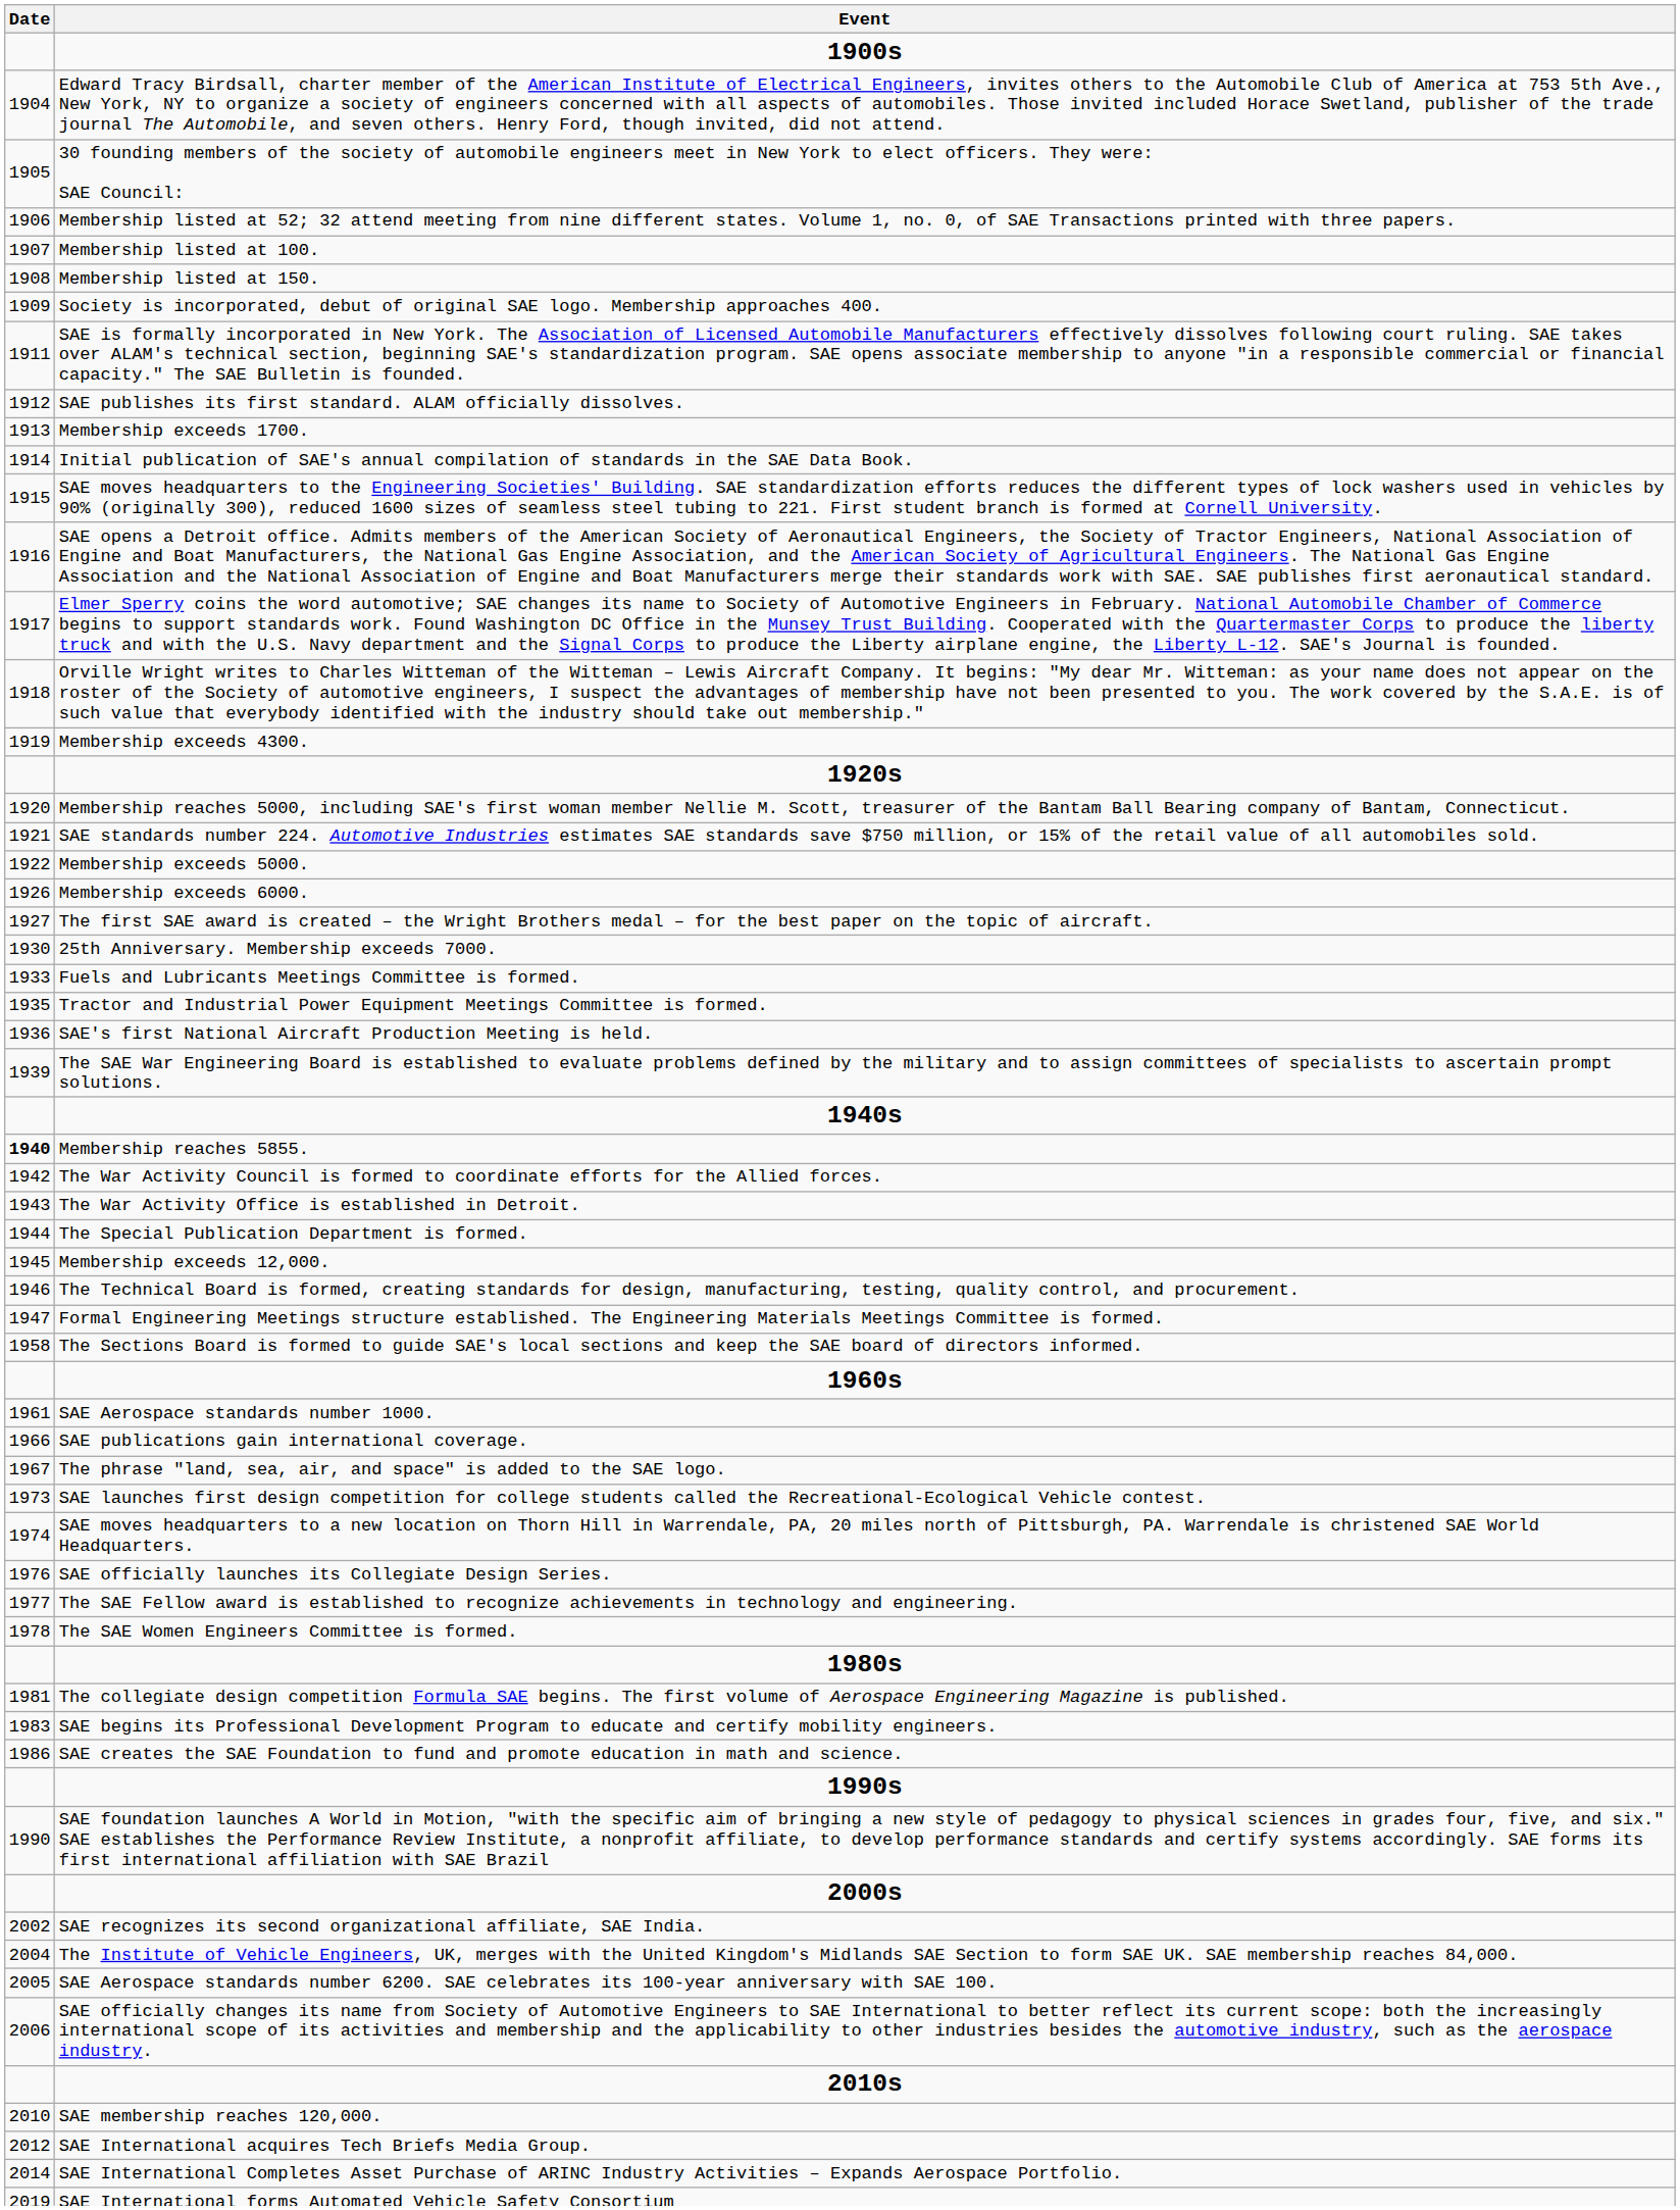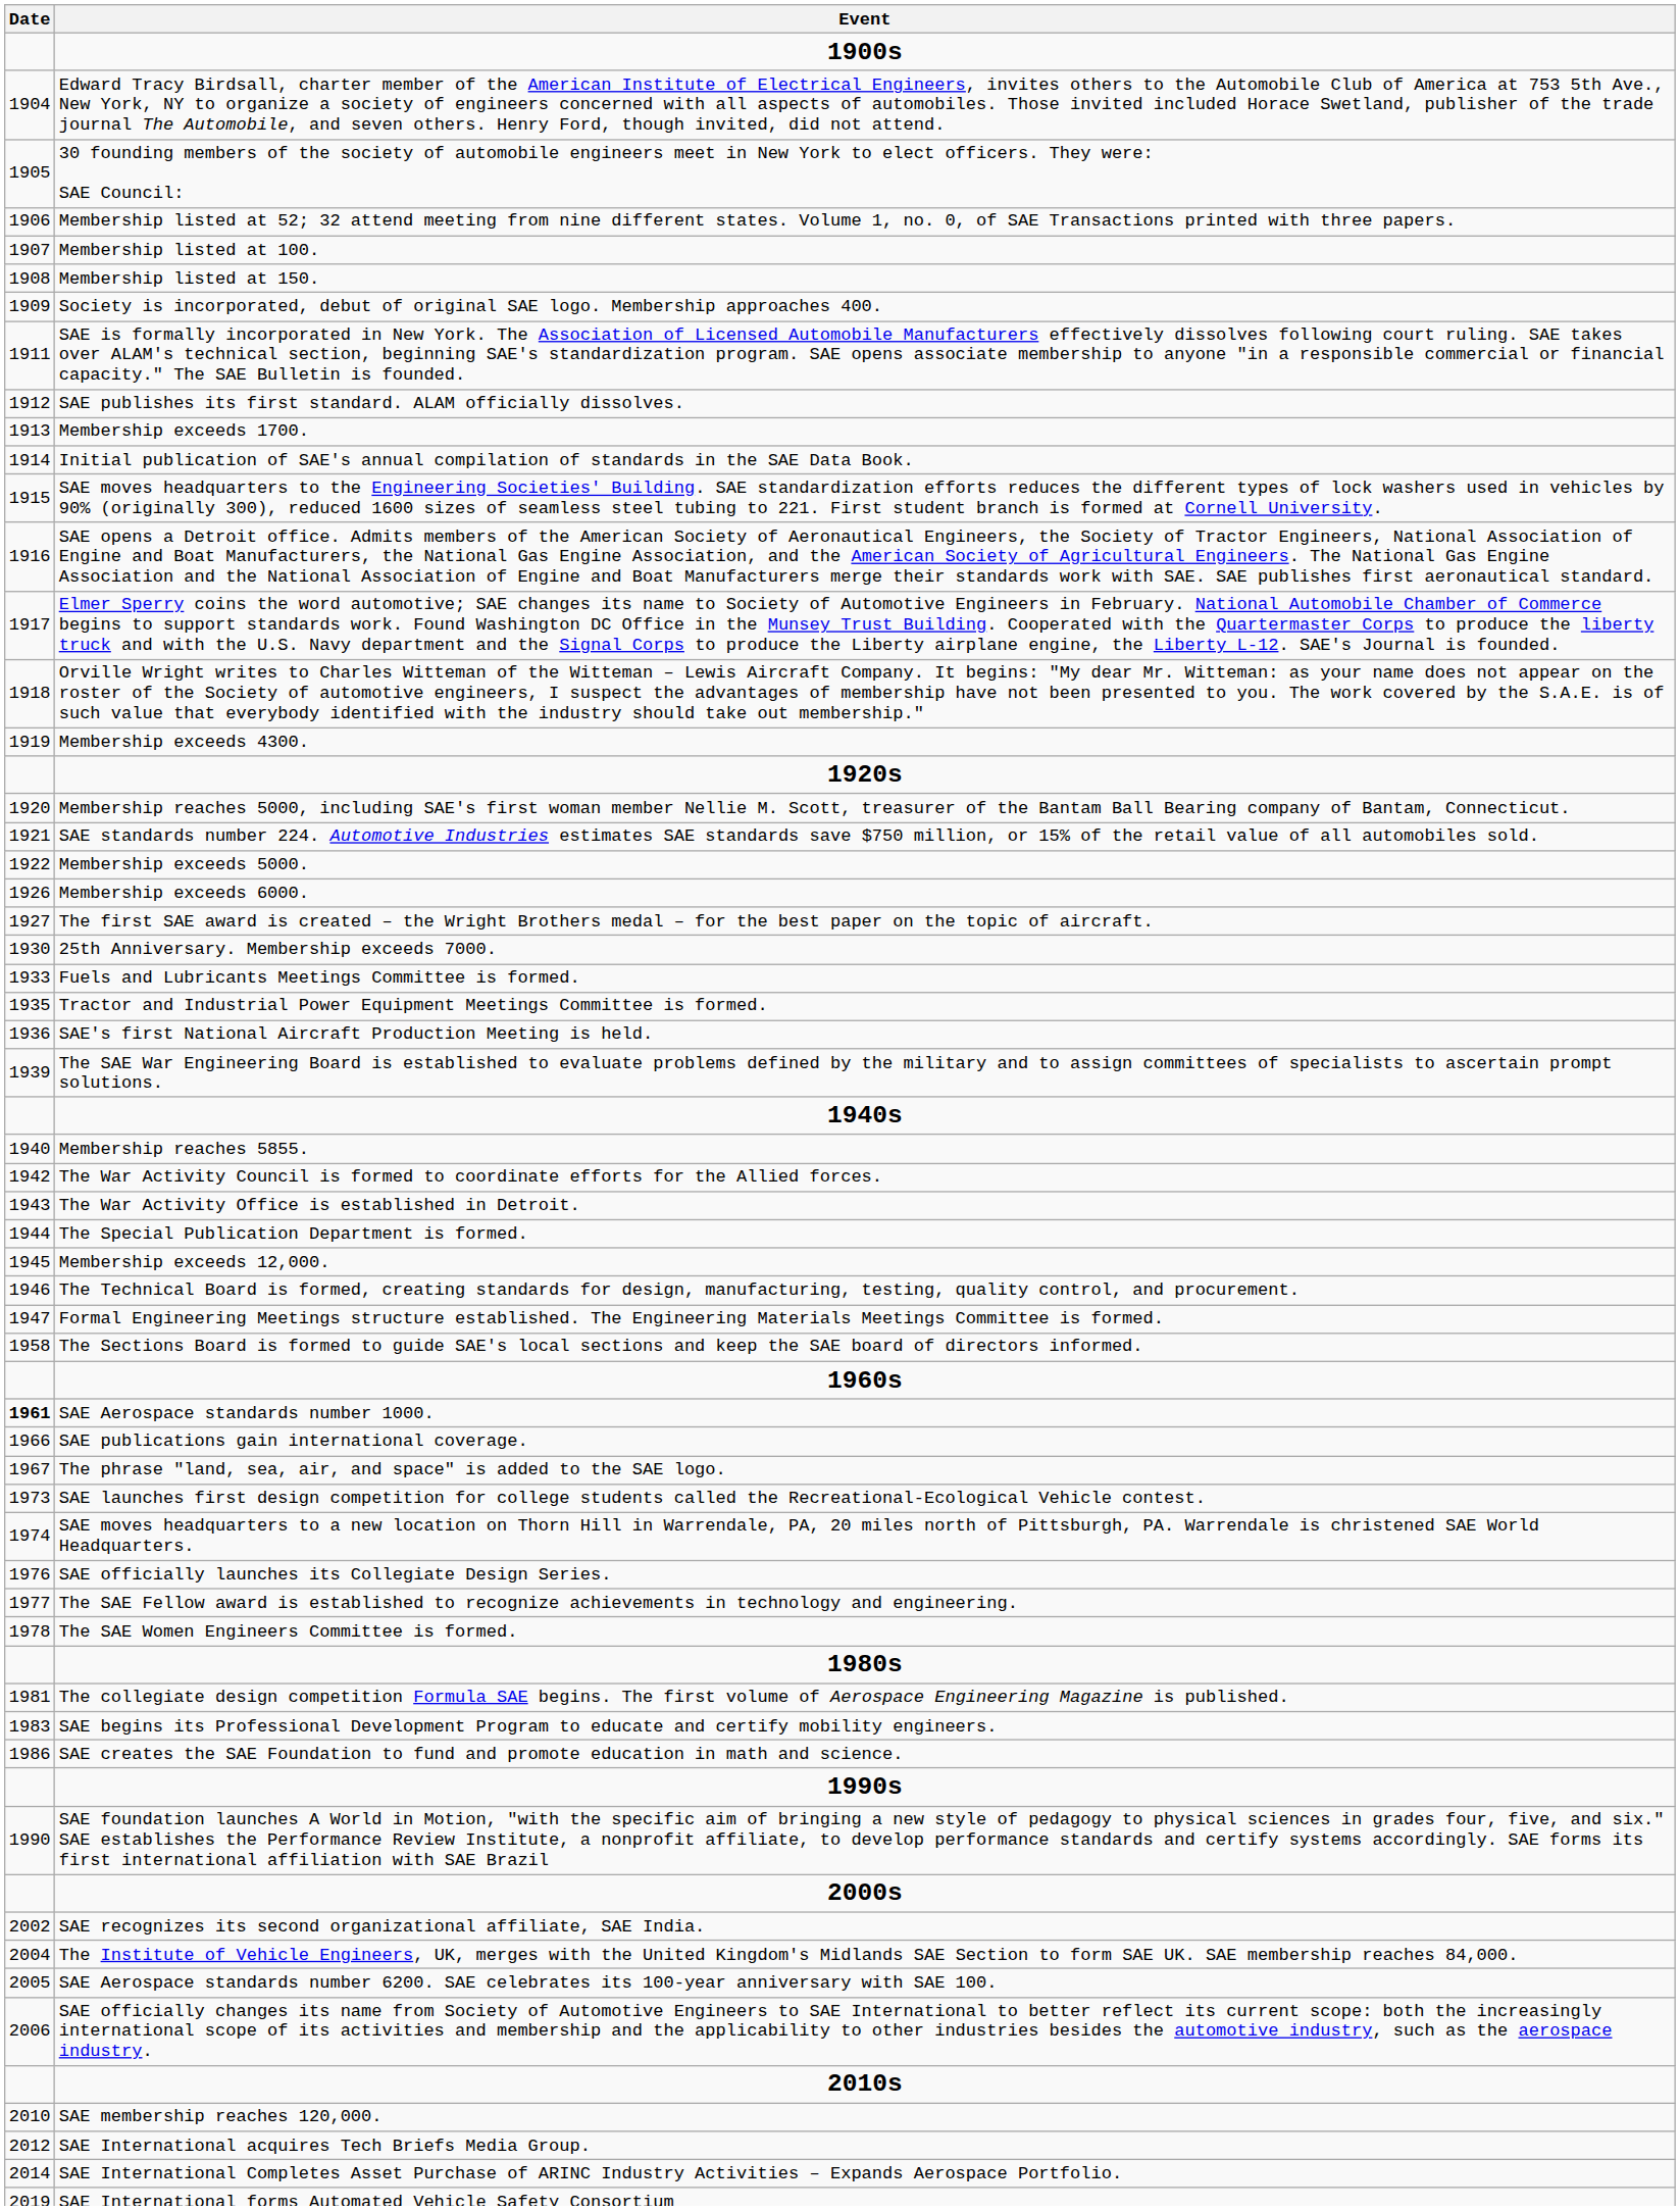 <table class="wikitable sortable">
 <tr>
 <th>Date</th>
 <th>Event</th>
 </tr>
 <tr>
 <td></td>
 <td align=center><big><big><strong>1900s</strong></big></big></td>
 </tr>
 <tr>
 <td align=center>1904</td>
 <td>Edward Tracy Birdsall, charter member of the <a href='#'>American Institute of Electrical Engineers</a>, invites others to the Automobile Club of America at 753 5th Ave., New York, NY to organize a society of engineers concerned with all aspects of automobiles. Those invited included Horace Swetland, publisher of the trade journal <em>The Automobile</em>, and seven others. Henry Ford, though invited, did not attend.</td>
 </tr>
 <tr>
 <td align=center>1905</td>
 <td>30 founding members of the society of automobile engineers meet in New York to elect officers. They were: <br><br>SAE Council:<br></td>
 </tr>
 <tr>
 <td align=center>1906</td>
 <td>Membership listed at 52; 32 attend meeting from nine different states. Volume 1, no. 0, of SAE Transactions printed with three papers.</td>
 </tr>
 <tr>
 <td align=center>1907</td>
 <td>Membership listed at 100.</td>
 </tr>
 <tr>
 <td align=center>1908</td>
 <td>Membership listed at 150.</td>
 </tr>
 <tr>
 <td align=center>1909</td>
 <td>Society is incorporated, debut of original SAE logo. Membership approaches 400.</td>
 </tr>
 <tr>
 <td align=center>1911</td>
 <td>SAE is formally incorporated in New York. The <a href='#'>Association of Licensed Automobile Manufacturers</a> effectively dissolves following court ruling. SAE takes over ALAM's technical section, beginning SAE's standardization program. SAE opens associate membership to anyone "in a responsible commercial or financial capacity." The SAE Bulletin is founded.</td>
 </tr>
 <tr>
 <td align=center>1912</td>
 <td>SAE publishes its first standard. ALAM officially dissolves.</td>
 </tr>
 <tr>
 <td align=center>1913</td>
 <td>Membership exceeds 1700.</td>
 </tr>
 <tr>
 <td align=center>1914</td>
 <td>Initial publication of SAE's annual compilation of standards in the SAE Data Book.</td>
 </tr>
 <tr>
 <td align=center>1915</td>
 <td>SAE moves headquarters to the <a href='#'>Engineering Societies' Building</a>. SAE standardization efforts reduces the different types of lock washers used in vehicles by 90% (originally 300), reduced 1600 sizes of seamless steel tubing to 221. First student branch is formed at <a href='#'>Cornell University</a>.</td>
 </tr>
 <tr>
 <td align=center>1916</td>
 <td>SAE opens a Detroit office. Admits members of the American Society of Aeronautical Engineers, the Society of Tractor Engineers, National Association of Engine and Boat Manufacturers, the National Gas Engine Association, and the <a href='#'>American Society of Agricultural Engineers</a>. The National Gas Engine Association and the National Association of Engine and Boat Manufacturers merge their standards work with SAE. SAE publishes first aeronautical standard.</td>
 </tr>
 <tr>
 <td align=center>1917</td>
 <td><a href='#'>Elmer Sperry</a> coins the word automotive; SAE changes its name to Society of Automotive Engineers in February. <a href='#'>National Automobile Chamber of Commerce</a> begins to support standards work. Found Washington DC Office in the <a href='#'>Munsey Trust Building</a>. Cooperated with the <a href='#'>Quartermaster Corps</a> to produce the <a href='#'>liberty truck</a> and with the U.S. Navy department and the <a href='#'>Signal Corps</a> to produce the Liberty airplane engine, the <a href='#'>Liberty L-12</a>. SAE's Journal is founded.</td>
 </tr>
 <tr>
 <td align=center>1918</td>
 <td>Orville Wright writes to Charles Witteman of the Witteman – Lewis Aircraft Company. It begins: "My dear Mr. Witteman: as your name does not appear on the roster of the Society of automotive engineers, I suspect the advantages of membership have not been presented to you. The work covered by the S.A.E. is of such value that everybody identified with the industry should take out membership."</td>
 </tr>
 <tr>
 <td align=center>1919</td>
 <td>Membership exceeds 4300.</td>
 </tr>
 <tr>
 <td></td>
 <td align=center><strong><big><big>1920s</big></big></strong></td>
 </tr>
 <tr>
 <td align=center>1920</td>
 <td>Membership reaches 5000, including SAE's first woman member Nellie M. Scott, treasurer of the Bantam Ball Bearing company of Bantam, Connecticut.</td>
 </tr>
 <tr>
 <td align=center>1921</td>
 <td>SAE standards number 224. <em><a href='#'>Automotive Industries</a></em> estimates SAE standards save $750 million, or 15% of the retail value of all automobiles sold.</td>
 </tr>
 <tr>
 <td align=center>1922</td>
 <td>Membership exceeds 5000.</td>
 </tr>
 <tr>
 <td align=center>1926</td>
 <td>Membership exceeds 6000.</td>
 </tr>
 <tr>
 <td align=center>1927</td>
 <td>The first SAE award is created – the Wright Brothers medal – for the best paper on the topic of aircraft.</td>
 </tr>
 <tr>
 <td align=center>1930</td>
 <td>25th Anniversary. Membership exceeds 7000.</td>
 </tr>
 <tr>
 <td align=center>1933</td>
 <td>Fuels and Lubricants Meetings Committee is formed.</td>
 </tr>
 <tr>
 <td align=center>1935</td>
 <td>Tractor and Industrial Power Equipment Meetings Committee is formed.</td>
 </tr>
 <tr>
 <td align=center>1936</td>
 <td>SAE's first National Aircraft Production Meeting is held.</td>
 </tr>
 <tr>
 <td align=center>1939</td>
 <td>The SAE War Engineering Board is established to evaluate problems defined by the military and to assign committees of specialists to ascertain prompt solutions.</td>
 </tr>
 <tr>
 <td></td>
 <td align=center><strong><big><big>1940s</big></big>  </strong></td>
 </tr>
 <tr>
-<td align=center><strong>1940</strong></td>
+<td align=center>1940</td>
 <td>Membership reaches 5855.</td>
 </tr>
 <tr>
 <td align=center>1942</td>
 <td>The War Activity Council is formed to coordinate efforts for the Allied forces.</td>
 </tr>
 <tr>
 <td align=center>1943</td>
 <td>The War Activity Office is established in Detroit.</td>
 </tr>
 <tr>
 <td align=center>1944</td>
 <td>The Special Publication Department is formed.</td>
 </tr>
 <tr>
 <td align=center>1945</td>
 <td>Membership exceeds 12,000.</td>
 </tr>
 <tr>
 <td align=center>1946</td>
 <td>The Technical Board is formed, creating standards for design, manufacturing, testing, quality control, and procurement.</td>
 </tr>
 <tr>
 <td align=center>1947</td>
 <td>Formal Engineering Meetings structure established. The Engineering Materials Meetings Committee is formed.</td>
 </tr>
 <tr>
 <td align=center>1958</td>
 <td>The Sections Board is formed to guide SAE's local sections and keep the SAE board of directors informed.</td>
 </tr>
 <tr>
 <td></td>
 <td align=center><strong><big><big>1960s</big></big></strong></td>
 </tr>
 <tr>
-<td align=center>1961</td>
+<td align=center><strong>1961</strong></td>
 <td>SAE Aerospace standards number 1000.</td>
 </tr>
 <tr>
 <td align=center>1966</td>
 <td>SAE publications gain international coverage.</td>
 </tr>
 <tr>
 <td align=center>1967</td>
 <td>The phrase "land, sea, air, and space" is added to the SAE logo.</td>
 </tr>
 <tr>
 <td align=center>1973</td>
 <td>SAE launches first design competition for college students called the Recreational-Ecological Vehicle contest.</td>
 </tr>
 <tr>
 <td align=center>1974</td>
 <td>SAE moves headquarters to a new location on Thorn Hill in Warrendale, PA, 20 miles north of Pittsburgh, PA. Warrendale is christened SAE World Headquarters.</td>
 </tr>
 <tr>
 <td align=center>1976</td>
 <td>SAE officially launches its Collegiate Design Series.</td>
 </tr>
 <tr>
 <td align=center>1977</td>
 <td>The SAE Fellow award is established to recognize achievements in technology and engineering.</td>
 </tr>
 <tr>
 <td align=center>1978</td>
 <td>The SAE Women Engineers Committee is formed.</td>
 </tr>
 <tr>
 <td></td>
 <td align=center><strong><big><big>1980s</big></big> </strong></td>
 </tr>
 <tr>
 <td align=center>1981</td>
 <td>The collegiate design competition <a href='#'>Formula SAE</a> begins. The first volume of <em>Aerospace Engineering Magazine</em> is published.</td>
 </tr>
 <tr>
 <td align=center>1983</td>
 <td>SAE begins its Professional Development Program to educate and certify mobility engineers.</td>
 </tr>
 <tr>
 <td align=center>1986</td>
 <td>SAE creates the SAE Foundation to fund and promote education in math and science.</td>
 </tr>
 <tr>
 <td></td>
 <td align=center><strong><big><big>1990s</big></big></strong></td>
 </tr>
 <tr>
 <td align=center>1990</td>
 <td>SAE foundation launches A World in Motion, "with the specific aim of bringing a new style of pedagogy to physical sciences in grades four, five, and six." SAE establishes the Performance Review Institute, a nonprofit affiliate, to develop performance standards and certify systems accordingly. SAE forms its first international affiliation with SAE Brazil </td>
 </tr>
 <tr>
 <td></td>
 <td align=center><strong><big><big>2000s</big></big></strong></td>
 </tr>
 <tr>
 <td align=center>2002</td>
 <td>SAE recognizes its second organizational affiliate, SAE India.</td>
 </tr>
 <tr>
 <td align=center>2004</td>
 <td>The <a href='#'>Institute of Vehicle Engineers</a>, UK, merges with the United Kingdom's Midlands SAE Section to form SAE UK. SAE membership reaches 84,000.</td>
 </tr>
 <tr>
 <td align=center>2005</td>
 <td>SAE Aerospace standards number 6200. SAE celebrates its 100-year anniversary with SAE 100.</td>
 </tr>
 <tr>
 <td align=center>2006</td>
 <td>SAE officially changes its name from Society of Automotive Engineers to SAE International to better reflect its current scope: both the increasingly international scope of its activities and membership and the applicability to other industries besides the <a href='#'>automotive industry</a>, such as the <a href='#'>aerospace industry</a>.</td>
 </tr>
 <tr>
 <td></td>
 <td align=center><strong><big><big>2010s</big></big></strong></td>
 </tr>
 <tr>
 <td align=center>2010</td>
 <td>SAE membership reaches 120,000.</td>
 </tr>
 <tr>
 <td align=center>2012</td>
 <td>SAE International acquires Tech Briefs Media Group.</td>
 </tr>
 <tr>
 <td align=center>2014</td>
 <td>SAE International Completes Asset Purchase of ARINC Industry Activities – Expands Aerospace Portfolio.</td>
 </tr>
 <tr>
 <td align=center>2019</td>
 <td>SAE International forms Automated Vehicle Safety Consortium</td>
 </tr>
 </table>
